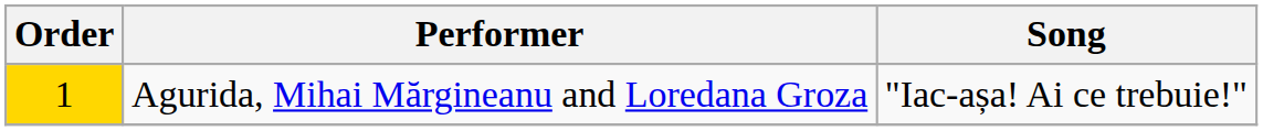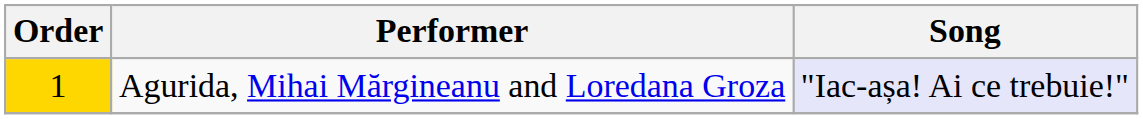 <table class="wikitable" style="text-align:center">
 <tr>
 <th>Order</th>
 <th>Performer</th>
 <th>Song</th>
 </tr>
 <tr>
 <td style="background: gold;">1</td>
 <td>Agurida, <a href='#'>Mihai Mărgineanu</a> and <a href='#'>Loredana Groza</a></td>
-<td>"Iac-așa! Ai ce trebuie!"</td>
+<td style="background: lavender;">"Iac-așa! Ai ce trebuie!"</td>
 </tr>
 <tr>
 </tr>
 </table>
